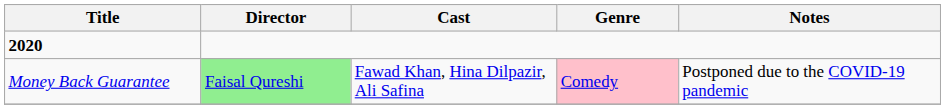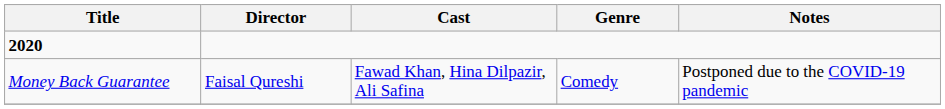 <table class="wikitable" style="width:100%;">
 <tr>
 <th style="width:21%;">Title</th>
 <th style="width:16%;">Director</th>
 <th style="width:22%;">Cast</th>
 <th style="width:13%;">Genre</th>
 <th style="width:28%;">Notes</th>
 </tr>
 <tr>
 <td><strong>2020</strong></td>
 </tr>
 <tr>
 <td><em><a href='#'>Money Back Guarantee</a></em></td>
-<td style="background: lightgreen;"><a href='#'>Faisal Qureshi</a></td>
+<td><a href='#'>Faisal Qureshi</a></td>
 <td><a href='#'>Fawad Khan</a>, <a href='#'>Hina Dilpazir</a>, <a href='#'>Ali Safina</a></td>
-<td style="background: pink;"><a href='#'>Comedy</a></td>
+<td><a href='#'>Comedy</a></td>
 <td>Postponed due to the <a href='#'>COVID-19 pandemic</a></td>
 </tr>
 <tr>
 </tr>
 </table>
